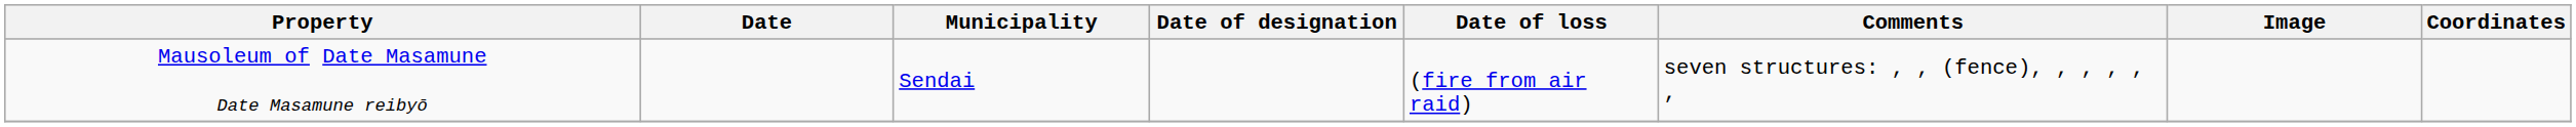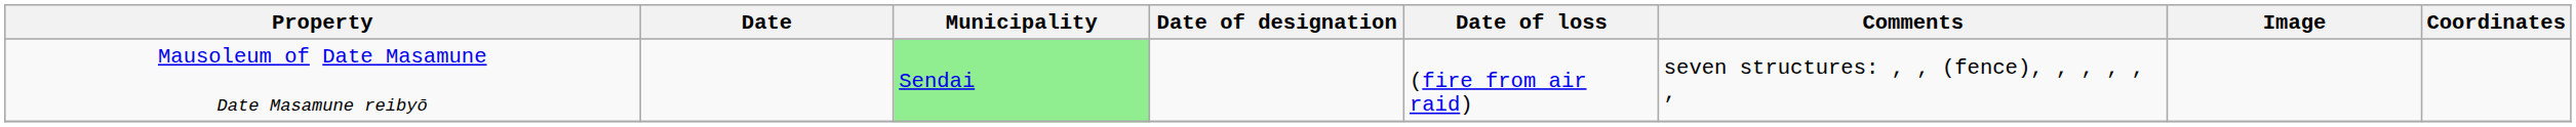 <table class="wikitable sortable"  style="width:100%;">
 <tr>
 <th width="25%" align="left">Property</th>
 <th width="10%" align="left">Date</th>
 <th width="10%" align="left">Municipality</th>
 <th width="10%" align="left">Date of designation</th>
 <th width="10%" align="left">Date of loss</th>
 <th width="20%" align="left" class="unsortable">Comments</th>
 <th width="10%" align="left" class="unsortable">Image</th>
 <th width="5%" align="left" class="unsortable">Coordinates</th>
 </tr>
 <tr>
 <td align="center"><a href='#'>Mausoleum of</a> <a href='#'>Date Masamune</a><br><br><small><em>Date Masamune reibyō</em></small></td>
 <td></td>
-<td><a href='#'>Sendai</a></td>
+<td style="background: lightgreen;"><a href='#'>Sendai</a></td>
 <td></td>
 <td><br>(<a href='#'>fire from air raid</a>)</td>
 <td>seven structures: , ,  (fence), , , , , , </td>
 <td></td>
 <td></td>
 </tr>
 <tr>
 </tr>
 </table>
